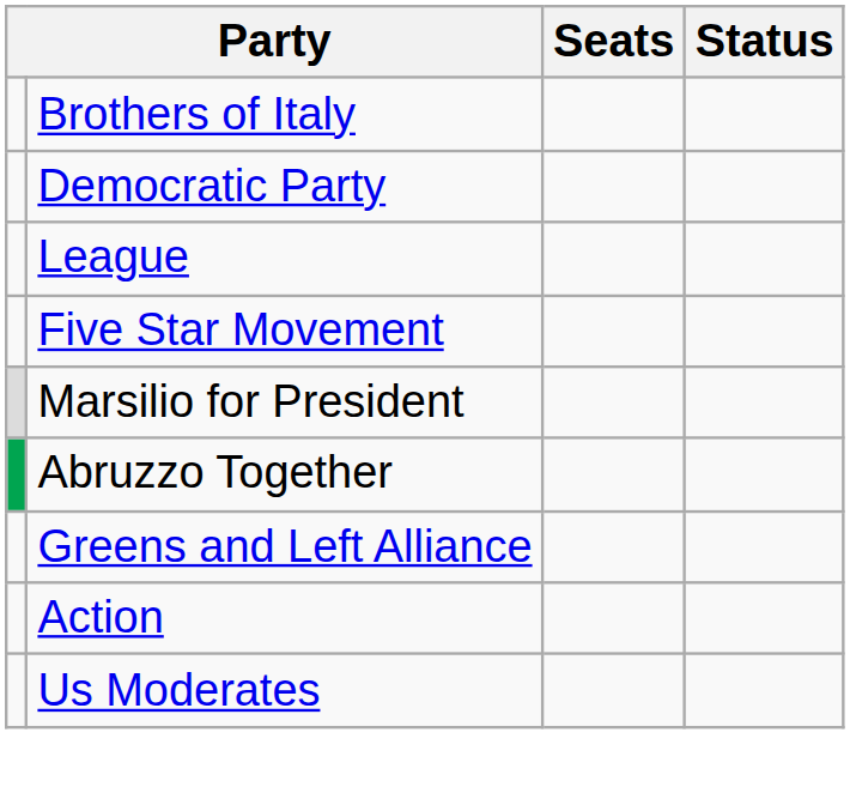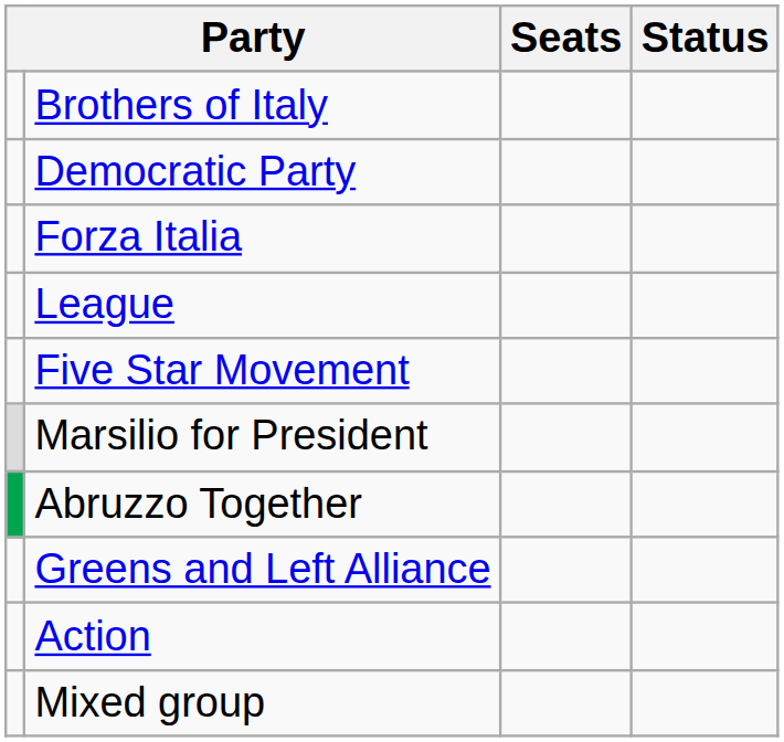 <table class=wikitable>
 <tr>
 <th colspan=2>Party</th>
 <th>Seats</th>
 <th>Status</th>
 </tr>
 <tr>
 <td style="color:inherit;background:"></td>
 <td><a href='#'>Brothers of Italy</a></td>
 <td></td>
 <td></td>
 </tr>
 <tr>
 <td style="color:inherit;background:"></td>
 <td><a href='#'>Democratic Party</a></td>
+<td></td>
+<td></td>
+</tr>
+<tr>
+<td style="color:inherit;background:"></td>
+<td><a href='#'>Forza Italia</a></td>
 <td></td>
 <td></td>
 </tr>
 <tr>
 <td style="color:inherit;background:"></td>
 <td><a href='#'>League</a></td>
 <td></td>
 <td></td>
 </tr>
 <tr>
 <td style="color:inherit;background:"></td>
 <td><a href='#'>Five Star Movement</a></td>
 <td></td>
 <td></td>
 </tr>
 <tr>
 <td style="color:inherit;background:#DCDCDC"></td>
 <td>Marsilio for President</td>
 <td></td>
 <td></td>
 </tr>
 <tr>
 <td style="color:inherit;background:#00A550"></td>
 <td>Abruzzo Together</td>
 <td></td>
 <td></td>
 </tr>
 <tr>
 <td style="color:inherit;background:"></td>
 <td><a href='#'>Greens and Left Alliance</a></td>
 <td></td>
 <td></td>
 </tr>
 <tr>
 <td style="color:inherit;background:"></td>
 <td><a href='#'>Action</a></td>
 <td></td>
 <td></td>
 </tr>
 <tr>
 <td style="color:inherit;background:"></td>
-<td><a href='#'>Us Moderates</a></td>
+<td>Mixed group</td>
 <td></td>
 <td></td>
 </tr>
 </table>
